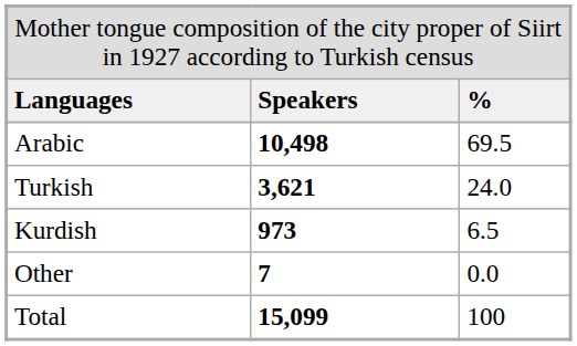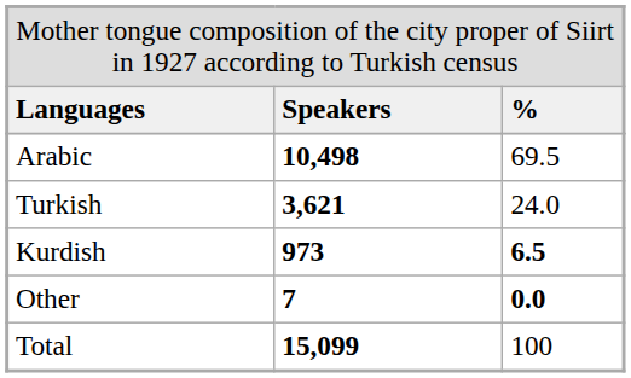 <table cellpadding="4" cellspacing="0" width=40% align="center" rules="all" style="margin: 1em; background: #ffffff; border: 2px solid #aaa; font-size: 100%;">
 <tr bgcolor=#DDDDDD>
 <td colspan="4" align="center">Mother tongue composition of the city proper of Siirt in 1927 according to Turkish census</td>
 </tr>
 <tr bgcolor=#f0f0f0 align="left">
 <th>Languages</th>
 <th>Speakers</th>
 <th>%</th>
 </tr>
 <tr style="background:#ccc;">
 </tr>
 <tr>
 <td>Arabic</td>
 <td><strong>10,498</strong></td>
 <td>69.5</td>
 </tr>
 <tr>
 <td>Turkish</td>
 <td><strong>3,621</strong></td>
 <td>24.0</td>
 </tr>
 <tr>
 <td>Kurdish</td>
 <td><strong>973</strong></td>
-<td>6.5</td>
+<td><strong>6.5</strong></td>
 </tr>
 <tr>
 <td>Other</td>
 <td><strong>7</strong></td>
-<td>0.0</td>
+<td><strong>0.0</strong></td>
 </tr>
 <tr>
 <td>Total</td>
 <td><strong>15,099</strong></td>
 <td>100</td>
 </tr>
 </table>
